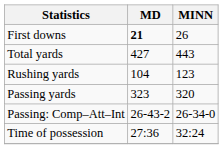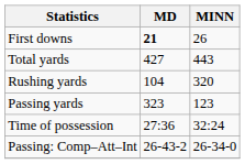 <table class="wikitable" style="float: left;">
 <tr>
 <th>Statistics</th>
 <th>MD</th>
 <th>MINN</th>
 </tr>
 <tr>
 <td>First downs</td>
 <td><strong>21</strong></td>
 <td>26</td>
 </tr>
 <tr>
 <td>Total yards</td>
 <td>427</td>
 <td>443</td>
 </tr>
 <tr>
 <td>Rushing yards</td>
 <td>104</td>
-<td>123</td>
+<td>320</td>
 </tr>
 <tr>
 <td>Passing yards</td>
 <td>323</td>
-<td>320</td>
+<td>123</td>
+</tr>
+<tr>
+<td>Time of possession</td>
+<td>27:36</td>
+<td>32:24</td>
 </tr>
 <tr>
 <td>Passing: Comp–Att–Int</td>
 <td>26-43-2</td>
 <td>26-34-0</td>
 </tr>
 <tr>
-<td>Time of possession</td>
-<td>27:36</td>
-<td>32:24</td>
-</tr>
-<tr>
 </tr>
 </table>
